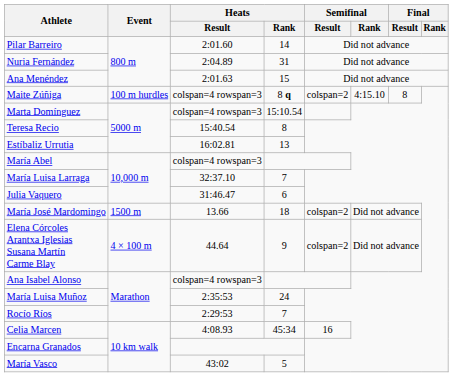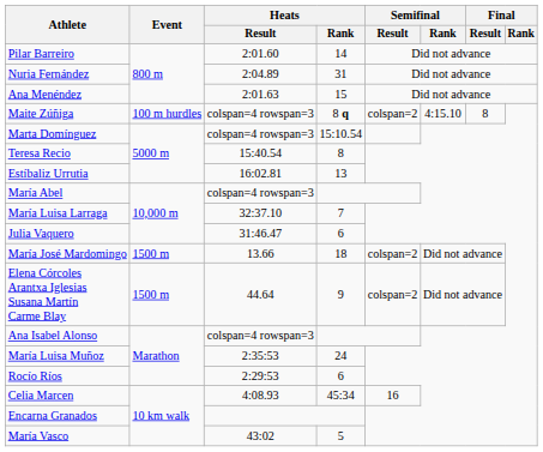 <table class="wikitable" style="font-size:90%">
 <tr>
 <th rowspan="2">Athlete</th>
 <th rowspan="2">Event</th>
 <th colspan="2">Heats</th>
 <th colspan="2">Semifinal</th>
 <th colspan="2">Final</th>
 </tr>
 <tr style="font-size:95%">
 <th>Result</th>
 <th>Rank</th>
 <th>Result</th>
 <th>Rank</th>
 <th>Result</th>
 <th>Rank</th>
 </tr>
 <tr align=center>
 <td align=left><a href='#'>Pilar Barreiro</a></td>
 <td align=left rowspan=3><a href='#'>800 m</a></td>
 <td>2:01.60</td>
 <td>14</td>
 <td colspan=4>Did not advance</td>
 </tr>
 <tr align=center>
 <td align=left><a href='#'>Nuria Fernández</a></td>
 <td>2:04.89</td>
 <td>31</td>
 <td colspan=4>Did not advance</td>
 </tr>
 <tr align=center>
 <td align=left><a href='#'>Ana Menéndez</a></td>
 <td>2:01.63</td>
 <td>15</td>
 <td colspan=4>Did not advance</td>
 </tr>
 <tr align=center>
 <td align=left><a href='#'>Maite Zúñiga</a></td>
 <td align=left><a href='#'>100 m hurdles</a></td>
 <td>colspan=4 rowspan=3 </td>
 <td>8 <strong>q</strong></td>
 <td>colspan=2 </td>
 <td>4:15.10</td>
 <td>8</td>
 </tr>
 <tr align=center>
 <td align=left><a href='#'>Marta Domínguez</a></td>
 <td align=left rowspan=3><a href='#'>5000 m</a></td>
 <td>colspan=4 rowspan=3 </td>
 <td>15:10.54</td>
 <td></td>
 </tr>
 <tr align=center>
 <td align=left><a href='#'>Teresa Recio</a></td>
 <td>15:40.54</td>
 <td>8</td>
 </tr>
 <tr align=center>
 <td align=left><a href='#'>Estíbaliz Urrutia</a></td>
 <td>16:02.81</td>
 <td>13</td>
 </tr>
 <tr align=center>
 <td align=left><a href='#'>María Abel</a></td>
 <td align=left rowspan=3><a href='#'>10,000 m</a></td>
 <td>colspan=4 rowspan=3 </td>
 <td colspan=2></td>
 </tr>
 <tr align=center>
 <td align=left><a href='#'>María Luisa Larraga</a></td>
 <td>32:37.10</td>
 <td>7</td>
 </tr>
 <tr align=center>
 <td align=left><a href='#'>Julia Vaquero</a></td>
 <td>31:46.47</td>
 <td>6</td>
 </tr>
 <tr align=center>
 <td align=left><a href='#'>María José Mardomingo</a></td>
 <td align=left><a href='#'>1500 m</a></td>
 <td>13.66</td>
 <td>18</td>
 <td>colspan=2 </td>
 <td colspan=2>Did not advance</td>
 </tr>
 <tr align=center>
 <td align=left><a href='#'>Elena Córcoles</a><br><a href='#'>Arantxa Iglesias</a><br><a href='#'>Susana Martín</a><br><a href='#'>Carme Blay</a></td>
-<td align=left><a href='#'>4 × 100 m</a></td>
+<td align=left><a href='#'>1500 m</a></td>
 <td>44.64</td>
 <td>9</td>
 <td>colspan=2 </td>
 <td colspan=2>Did not advance</td>
 </tr>
 <tr align=center>
 <td align=left><a href='#'>Ana Isabel Alonso</a></td>
 <td align=left rowspan=3><a href='#'>Marathon</a></td>
 <td>colspan=4 rowspan=3 </td>
 <td colspan=2></td>
 </tr>
 <tr align=center>
 <td align=left><a href='#'>María Luisa Muñoz</a></td>
 <td>2:35:53</td>
 <td>24</td>
 </tr>
 <tr align=center>
 <td align=left><a href='#'>Rocío Ríos</a></td>
 <td>2:29:53</td>
-<td>7</td>
+<td>6</td>
 </tr>
 <tr align=center>
 <td align=left><a href='#'>Celia Marcen</a></td>
 <td align=left rowspan=3><a href='#'>10 km walk</a></td>
 <td>4:08.93</td>
 <td>45:34</td>
 <td>16</td>
 </tr>
 <tr align=center>
 <td align=left><a href='#'>Encarna Granados</a></td>
 <td colspan=2></td>
 </tr>
 <tr align=center>
 <td align=left><a href='#'>María Vasco</a></td>
 <td>43:02 <strong></strong></td>
 <td>5</td>
 </tr>
 </table>
